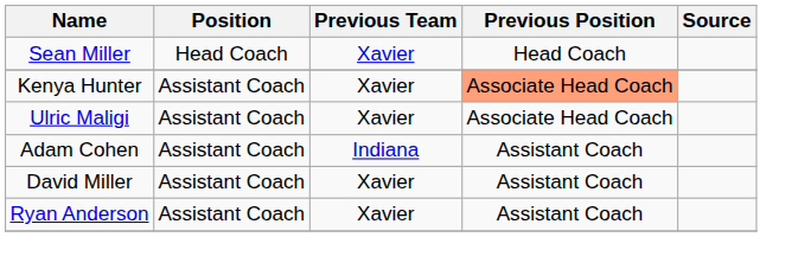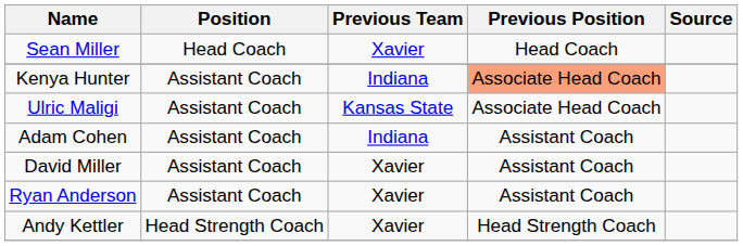 <table class="wikitable">
 <tr>
 <th style="text-align:center; ">Name</th>
 <th style="text-align:center; ">Position</th>
 <th style="text-align:center; ">Previous Team</th>
 <th style="text-align:center; ">Previous Position</th>
 <th style="text-align:center; ">Source</th>
 </tr>
 <tr align=center>
 <td><a href='#'>Sean Miller</a></td>
 <td>Head Coach</td>
 <td><a href='#'>Xavier</a></td>
 <td>Head Coach</td>
 <td></td>
 </tr>
 <tr>
 </tr>
 <tr align=center>
 <td>Kenya Hunter</td>
 <td>Assistant Coach</td>
-<td>Xavier</td>
+<td><a href='#'>Indiana</a></td>
 <td style="background: lightsalmon;">Associate Head Coach</td>
 <td></td>
 </tr>
 <tr align=center>
 <td><a href='#'>Ulric Maligi</a></td>
 <td>Assistant Coach</td>
-<td>Xavier</td>
+<td><a href='#'>Kansas State</a></td>
 <td>Associate Head Coach</td>
 <td></td>
 </tr>
 <tr align=center>
 <td>Adam Cohen</td>
 <td>Assistant Coach</td>
 <td><a href='#'>Indiana</a></td>
 <td>Assistant Coach</td>
 <td></td>
 </tr>
 <tr align=center>
 <td>David Miller</td>
 <td>Assistant Coach</td>
 <td>Xavier</td>
 <td>Assistant Coach</td>
 <td></td>
 </tr>
 <tr align=center>
 <td><a href='#'>Ryan Anderson</a></td>
 <td>Assistant Coach</td>
 <td>Xavier</td>
 <td>Assistant Coach</td>
 <td></td>
 </tr>
+<tr align=center>
+<td>Andy Kettler</td>
+<td>Head Strength Coach</td>
+<td>Xavier</td>
+<td>Head Strength Coach</td>
+<td></td>
+</tr>
 <tr>
 </tr>
 </table>
